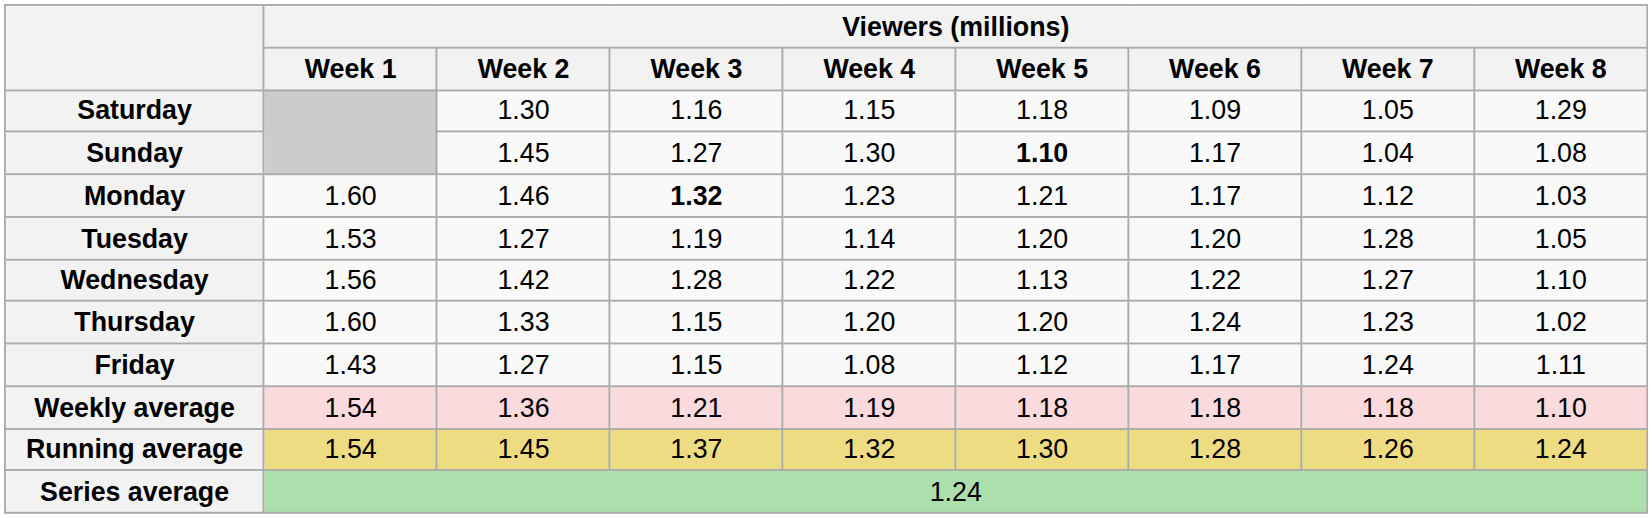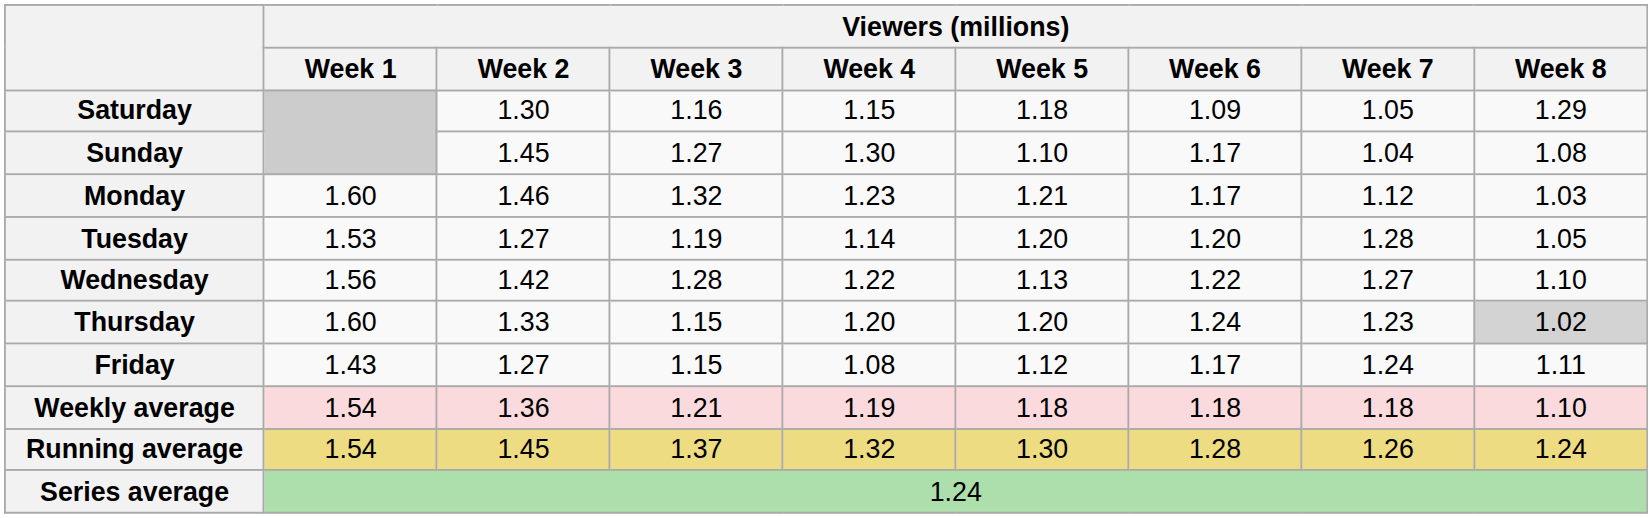 <table class="wikitable" style="font-size:90%; text-align:center; width: 100%; margin-left: auto; margin-right: auto;">
 <tr>
 <th scope="col" rowspan="2" style="width:12%;"></th>
 <th scope=col colspan=10>Viewers (millions)</th>
 </tr>
 <tr>
 <th style="width:8%;">Week 1</th>
 <th style="width:8%;">Week 2</th>
 <th style="width:8%;">Week 3</th>
 <th style="width:8%;">Week 4</th>
 <th style="width:8%;">Week 5</th>
 <th style="width:8%;">Week 6</th>
 <th style="width:8%;">Week 7</th>
 <th style="width:8%;">Week 8</th>
 </tr>
 <tr>
 <th>Saturday</th>
 <td style="background:#ccc;" rowspan="2"></td>
 <td>1.30</td>
 <td>1.16</td>
 <td>1.15</td>
 <td>1.18</td>
 <td>1.09</td>
 <td>1.05</td>
 <td>1.29</td>
 </tr>
 <tr>
 <th>Sunday</th>
 <td>1.45</td>
 <td>1.27</td>
 <td>1.30</td>
-<td><strong>1.10</strong></td>
+<td>1.10</td>
 <td>1.17</td>
 <td>1.04</td>
 <td>1.08</td>
 </tr>
 <tr>
 <th>Monday</th>
 <td>1.60</td>
 <td>1.46</td>
-<td><strong>1.32</strong></td>
+<td>1.32</td>
 <td>1.23</td>
 <td>1.21</td>
 <td>1.17</td>
 <td>1.12</td>
 <td>1.03</td>
 </tr>
 <tr>
 <th>Tuesday</th>
 <td>1.53</td>
 <td>1.27</td>
 <td>1.19</td>
 <td>1.14</td>
 <td>1.20</td>
 <td>1.20</td>
 <td>1.28</td>
 <td>1.05</td>
 </tr>
 <tr>
 <th>Wednesday</th>
 <td>1.56</td>
 <td>1.42</td>
 <td>1.28</td>
 <td>1.22</td>
 <td>1.13</td>
 <td>1.22</td>
 <td>1.27</td>
 <td>1.10</td>
 </tr>
 <tr>
 <th>Thursday</th>
 <td>1.60</td>
 <td>1.33</td>
 <td>1.15</td>
 <td>1.20</td>
 <td>1.20</td>
 <td>1.24</td>
 <td>1.23</td>
-<td>1.02</td>
+<td style="background: lightgrey;">1.02</td>
 </tr>
 <tr>
 <th>Friday</th>
 <td>1.43</td>
 <td>1.27</td>
 <td>1.15</td>
 <td>1.08</td>
 <td>1.12</td>
 <td>1.17</td>
 <td>1.24</td>
 <td>1.11</td>
 </tr>
 <tr style="background:#FADADD;" |>
 <th>Weekly average</th>
 <td>1.54</td>
 <td>1.36</td>
 <td>1.21</td>
 <td>1.19</td>
 <td>1.18</td>
 <td>1.18</td>
 <td>1.18</td>
 <td>1.10</td>
 </tr>
 <tr style="background:#EEDC82;" |>
 <th>Running average</th>
 <td>1.54</td>
 <td>1.45</td>
 <td>1.37</td>
 <td>1.32</td>
 <td>1.30</td>
 <td>1.28</td>
 <td>1.26</td>
 <td>1.24</td>
 </tr>
 <tr style="background:#ADDFAD;" |>
 <th>Series average</th>
 <td colspan="10">1.24</td>
 </tr>
 </table>
